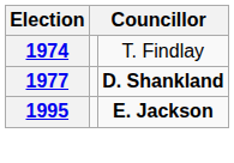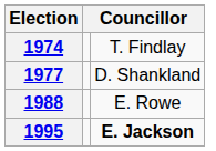 <table class="wikitable" style="text-align:center">
 <tr>
 <th>Election</th>
 <th colspan=2>Councillor</th>
 </tr>
 <tr>
 <th><a href='#'>1974</a></th>
 <td style="background-color: "></td>
 <td>T. Findlay</td>
 </tr>
 <tr>
 <th><a href='#'>1977</a></th>
 <td style="background-color: "></td>
-<td><strong>D. Shankland</strong></td>
+<td>D. Shankland</td>
+</tr>
+<tr>
+<th><a href='#'>1988</a></th>
+<td style="background-color: "></td>
+<td>E. Rowe</td>
 </tr>
 <tr>
 <th><a href='#'>1995</a></th>
 <td style="background-color: "></td>
 <td><strong>E. Jackson</strong></td>
 </tr>
 </table>
